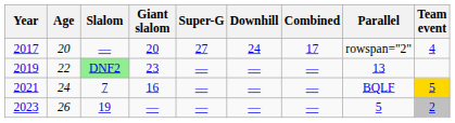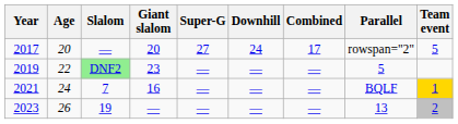 <table class=wikitable style="text-align:center">
 <tr>
 <th>  Year  </th>
 <th> Age </th>
 <th> Slalom </th>
 <th> Giant <br> slalom </th>
 <th>Super-G</th>
 <th>Downhill</th>
 <th>Combined</th>
 <th>Parallel</th>
 <th>Team<br>event</th>
 </tr>
 <tr>
 <td><a href='#'>2017</a></td>
 <td><em>20</em></td>
 <td><a href='#'>—</a></td>
 <td><a href='#'>20</a></td>
 <td><a href='#'>27</a></td>
 <td><a href='#'>24</a></td>
 <td><a href='#'>17</a></td>
 <td>rowspan="2" </td>
-<td><a href='#'>4</a></td>
+<td><a href='#'>5</a></td>
 </tr>
 <tr>
 <td><a href='#'>2019</a></td>
 <td><em>22</em></td>
 <td style="background: lightgreen;"><a href='#'>DNF2</a></td>
 <td><a href='#'>23</a></td>
 <td><a href='#'>—</a></td>
 <td><a href='#'>—</a></td>
 <td><a href='#'>—</a></td>
-<td><a href='#'>13</a></td>
+<td><a href='#'>5</a></td>
 </tr>
 <tr>
 <td><a href='#'>2021</a></td>
 <td><em>24</em></td>
 <td><a href='#'>7</a></td>
 <td><a href='#'>16</a></td>
 <td><a href='#'>—</a></td>
 <td><a href='#'>—</a></td>
 <td><a href='#'>—</a></td>
 <td><a href='#'>BQLF</a></td>
-<td style="background:gold;"><a href='#'>5</a></td>
+<td style="background:gold;"><a href='#'>1</a></td>
 </tr>
 <tr>
 <td><a href='#'>2023</a></td>
 <td><em>26</em></td>
 <td><a href='#'>19</a></td>
 <td><a href='#'>—</a></td>
 <td><a href='#'>—</a></td>
 <td><a href='#'>—</a></td>
 <td><a href='#'>—</a></td>
-<td><a href='#'>5</a></td>
+<td><a href='#'>13</a></td>
 <td style="background:silver;"><a href='#'>2</a></td>
 </tr>
 </table>
